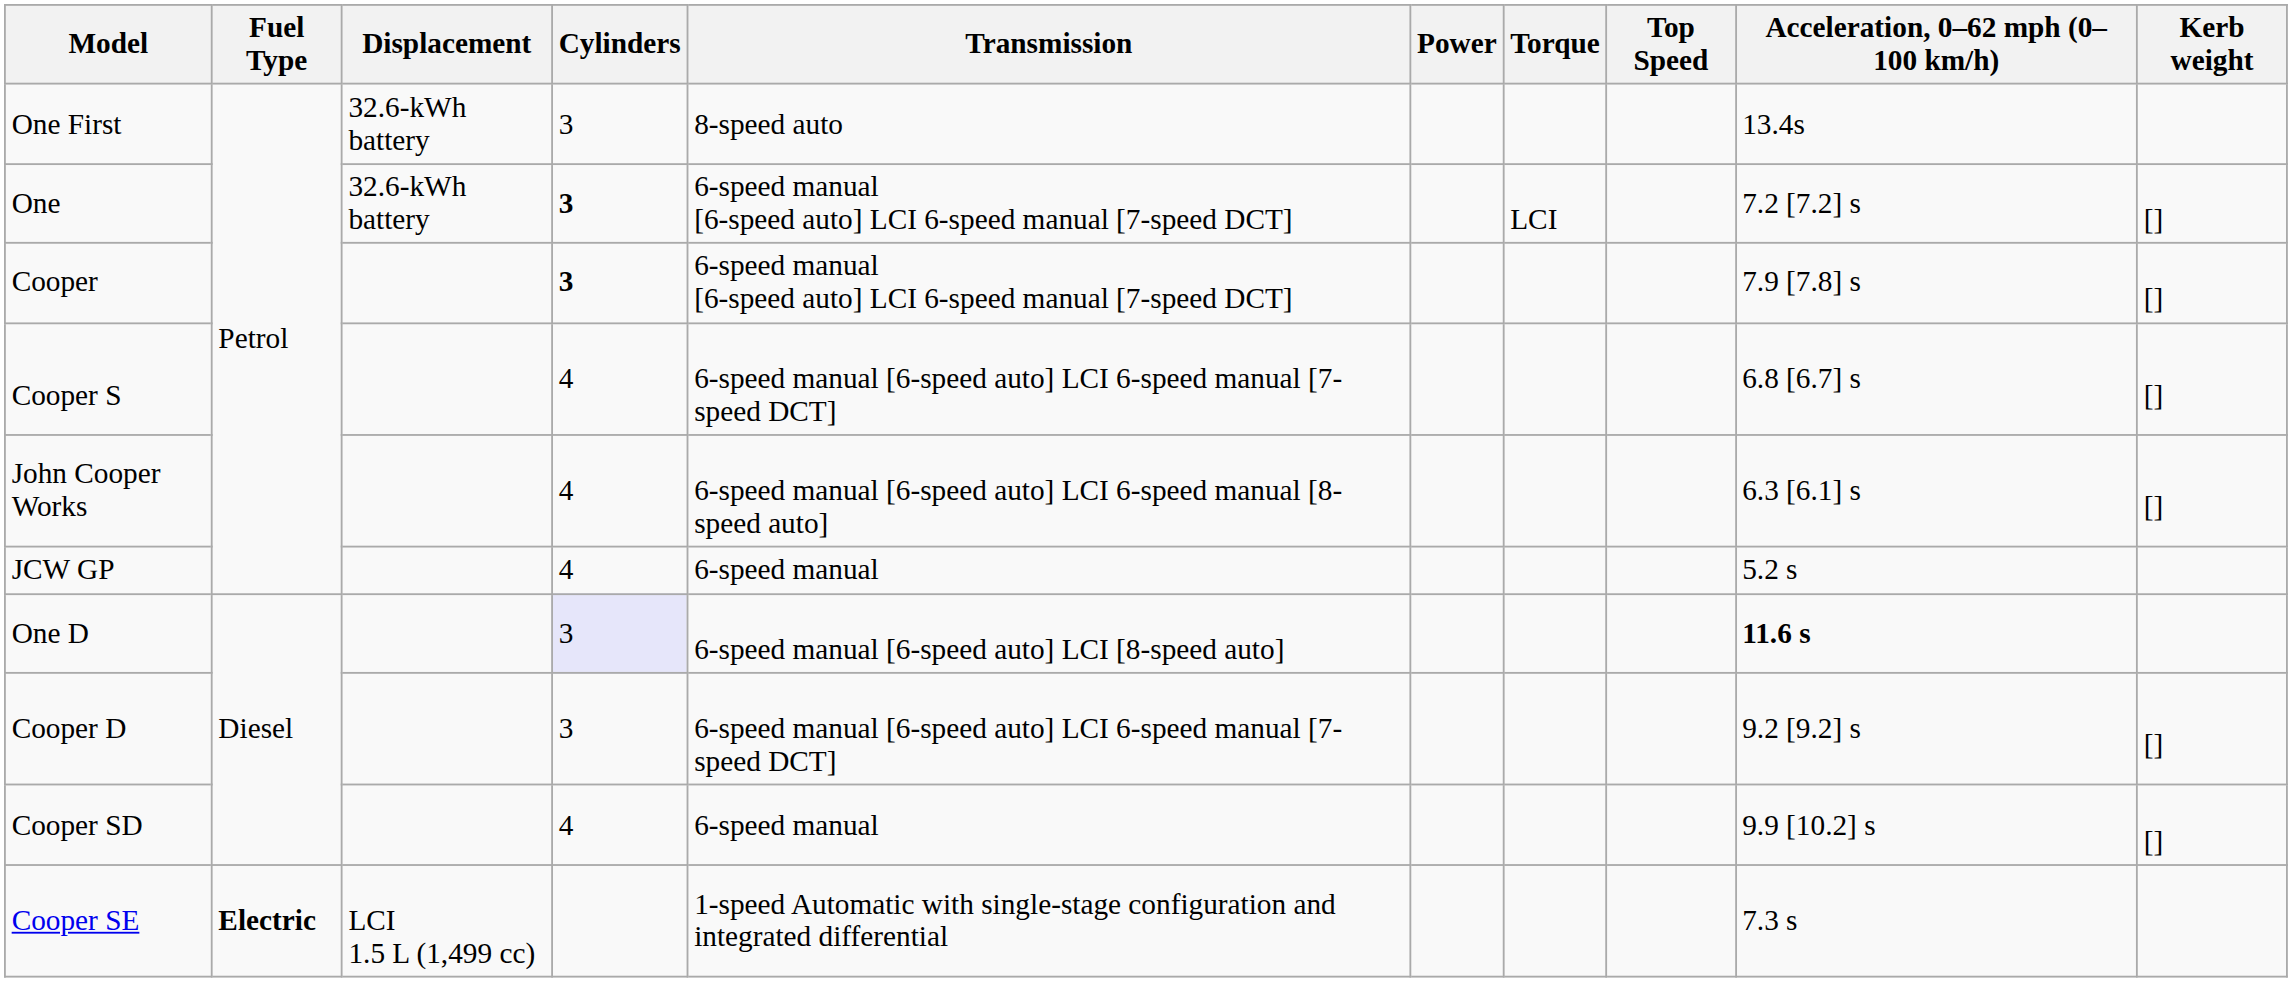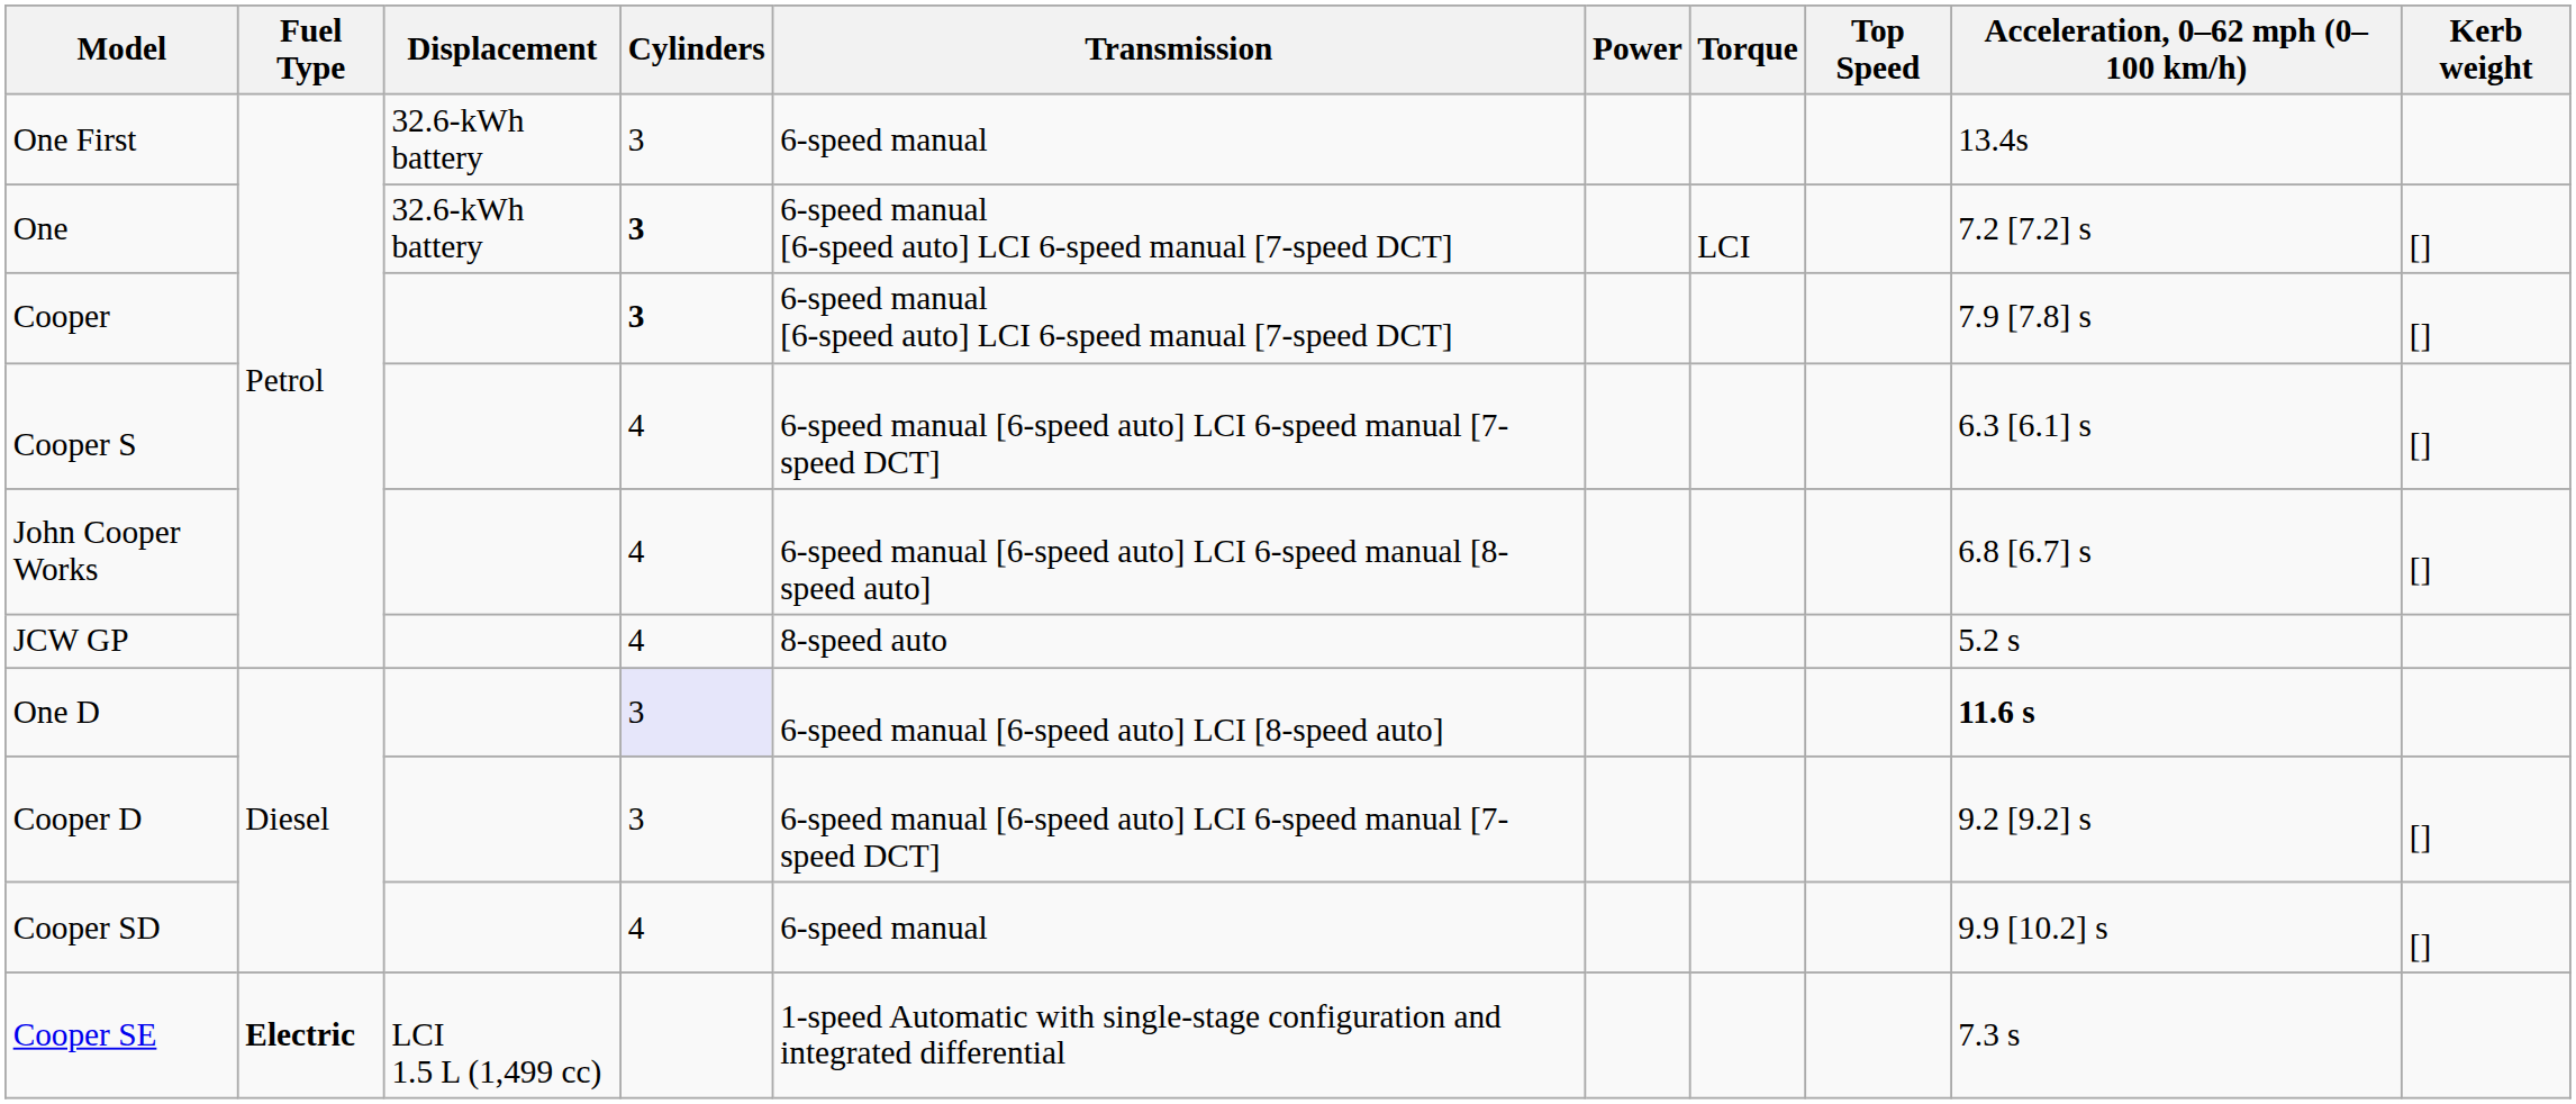 <table class="wikitable">
 <tr>
 <th>Model</th>
 <th>Fuel Type</th>
 <th>Displacement</th>
 <th>Cylinders</th>
 <th>Transmission</th>
 <th>Power</th>
 <th>Torque</th>
 <th>Top Speed</th>
 <th>Acceleration, 0–62 mph (0–100 km/h)</th>
 <th>Kerb weight</th>
 </tr>
 <tr>
 <td>One First</td>
 <td rowspan=6>Petrol</td>
 <td>32.6-kWh battery</td>
 <td>3</td>
-<td>8-speed auto</td>
+<td>6-speed manual</td>
 <td></td>
 <td></td>
 <td></td>
 <td>13.4s</td>
 <td></td>
 </tr>
 <tr>
 <td>One</td>
 <td>32.6-kWh battery</td>
 <td><strong>3</strong></td>
 <td>6-speed manual<br>[6-speed auto] LCI  6-speed manual    [7-speed DCT]</td>
 <td></td>
 <td><br>LCI <br></td>
 <td></td>
 <td>7.2 [7.2] s</td>
 <td><br>[]</td>
 </tr>
 <tr>
 <td>Cooper</td>
 <td></td>
 <td><strong>3</strong></td>
 <td>6-speed manual<br>[6-speed auto] LCI  6-speed manual [7-speed DCT]</td>
 <td></td>
 <td></td>
 <td></td>
 <td>7.9 [7.8] s</td>
 <td><br>[]</td>
 </tr>
 <tr>
 <td><br>Cooper S</td>
 <td></td>
 <td>4</td>
 <td><br>6-speed manual [6-speed auto] LCI  6-speed manual [7-speed DCT]</td>
 <td></td>
 <td></td>
 <td></td>
-<td>6.8 [6.7] s</td>
+<td>6.3 [6.1] s</td>
 <td><br>[]</td>
 </tr>
 <tr>
 <td>John Cooper Works</td>
 <td></td>
 <td>4</td>
 <td><br>6-speed manual [6-speed auto] LCI  6-speed manual [8-speed auto]</td>
 <td></td>
 <td></td>
 <td></td>
-<td>6.3 [6.1] s</td>
+<td>6.8 [6.7] s</td>
 <td><br>[]</td>
 </tr>
 <tr>
 <td>JCW GP</td>
 <td></td>
 <td>4</td>
-<td>6-speed manual</td>
+<td>8-speed auto</td>
 <td></td>
 <td></td>
 <td></td>
 <td>5.2 s</td>
 <td></td>
 </tr>
 <tr>
 <td>One D</td>
 <td rowspan=3>Diesel</td>
 <td></td>
 <td style="background: lavender;">3</td>
 <td><br>6-speed manual [6-speed auto] LCI  [8-speed auto]</td>
 <td></td>
 <td></td>
 <td></td>
 <td><strong>11.6 s</strong></td>
 <td></td>
 </tr>
 <tr>
 <td>Cooper D</td>
 <td></td>
 <td>3</td>
 <td><br>6-speed manual [6-speed auto] LCI  6-speed manual      [7-speed DCT]</td>
 <td></td>
 <td></td>
 <td></td>
 <td>9.2 [9.2] s</td>
 <td><br>[]</td>
 </tr>
 <tr>
 <td>Cooper SD</td>
 <td></td>
 <td>4</td>
 <td>6-speed manual</td>
 <td></td>
 <td></td>
 <td></td>
 <td>9.9 [10.2] s</td>
 <td><br>[]</td>
 </tr>
 <tr>
 <td><a href='#'>Cooper SE</a></td>
 <td><strong>Electric</strong></td>
 <td><br>LCI <br>1.5 L (1,499 cc)</td>
 <td></td>
 <td>1-speed Automatic with single-stage configuration and integrated differential</td>
 <td></td>
 <td></td>
 <td></td>
 <td>7.3 s</td>
 <td></td>
 </tr>
 </table>
